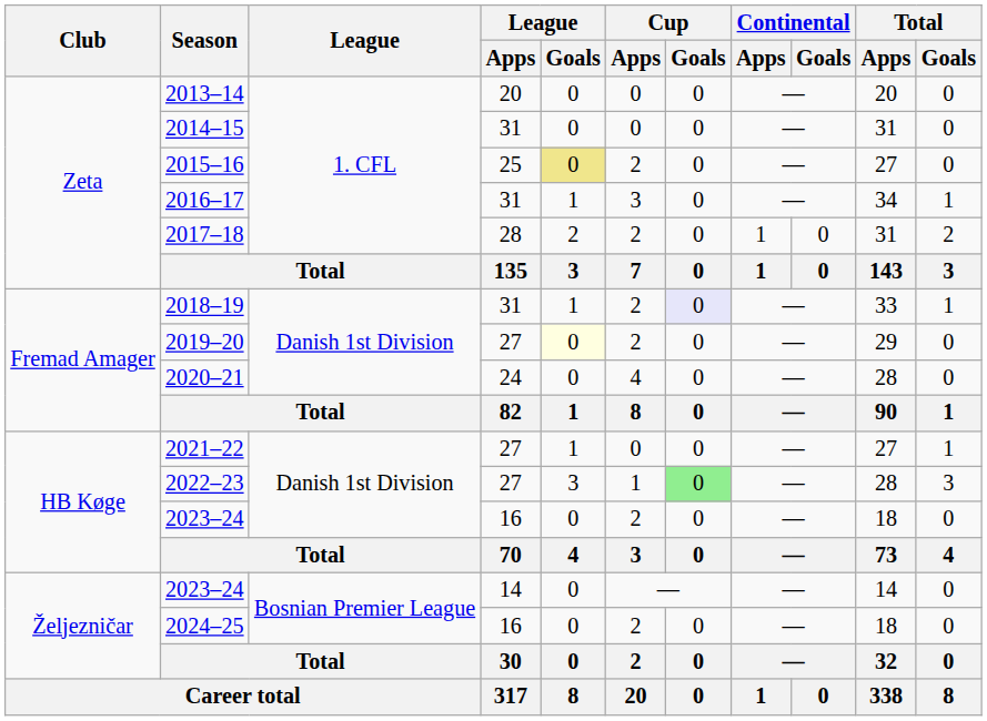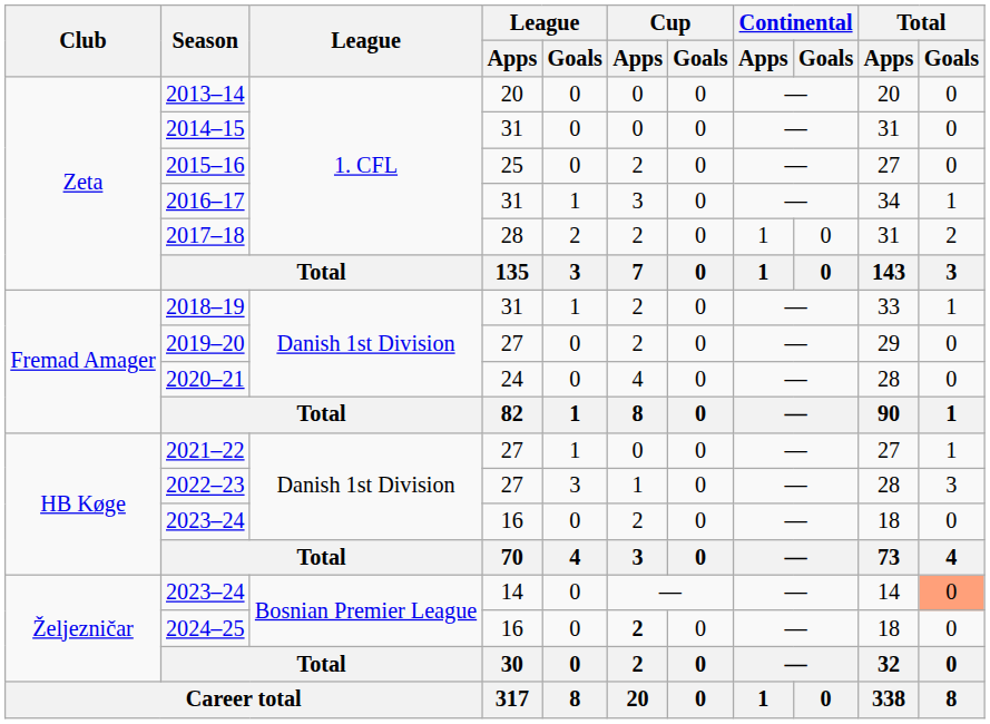 <table class="wikitable" style="text-align: center">
 <tr>
 <th rowspan="2">Club</th>
 <th rowspan="2">Season</th>
 <th rowspan="2">League</th>
 <th colspan="2">League</th>
 <th colspan="2">Cup</th>
 <th colspan="2"><a href='#'>Continental</a></th>
 <th colspan="2">Total</th>
 </tr>
 <tr>
 <th>Apps</th>
 <th>Goals</th>
 <th>Apps</th>
 <th>Goals</th>
 <th>Apps</th>
 <th>Goals</th>
 <th>Apps</th>
 <th>Goals</th>
 </tr>
 <tr>
 <td rowspan="6"><a href='#'>Zeta</a></td>
 <td><a href='#'>2013–14</a></td>
 <td rowspan="5"><a href='#'>1. CFL</a></td>
 <td>20</td>
 <td>0</td>
 <td>0</td>
 <td>0</td>
 <td colspan="2">—</td>
 <td>20</td>
 <td>0</td>
 </tr>
 <tr>
 <td><a href='#'>2014–15</a></td>
 <td>31</td>
 <td>0</td>
 <td>0</td>
 <td>0</td>
 <td colspan="2">—</td>
 <td>31</td>
 <td>0</td>
 </tr>
 <tr>
 <td><a href='#'>2015–16</a></td>
 <td>25</td>
-<td style="background: khaki;">0</td>
+<td>0</td>
 <td>2</td>
 <td>0</td>
 <td colspan="2">—</td>
 <td>27</td>
 <td>0</td>
 </tr>
 <tr>
 <td><a href='#'>2016–17</a></td>
 <td>31</td>
 <td>1</td>
 <td>3</td>
 <td>0</td>
 <td colspan="2">—</td>
 <td>34</td>
 <td>1</td>
 </tr>
 <tr>
 <td><a href='#'>2017–18</a></td>
 <td>28</td>
 <td>2</td>
 <td>2</td>
 <td>0</td>
 <td>1</td>
 <td>0</td>
 <td>31</td>
 <td>2</td>
 </tr>
 <tr>
 <th colspan="2">Total</th>
 <th>135</th>
 <th>3</th>
 <th>7</th>
 <th>0</th>
 <th>1</th>
 <th>0</th>
 <th>143</th>
 <th>3</th>
 </tr>
 <tr>
 <td rowspan="4"><a href='#'>Fremad Amager</a></td>
 <td><a href='#'>2018–19</a></td>
 <td rowspan="3"><a href='#'>Danish 1st Division</a></td>
 <td>31</td>
 <td>1</td>
 <td>2</td>
-<td style="background: lavender;">0</td>
+<td>0</td>
 <td colspan="2">—</td>
 <td>33</td>
 <td>1</td>
 </tr>
 <tr>
 <td><a href='#'>2019–20</a></td>
 <td>27</td>
-<td style="background: lightyellow;">0</td>
+<td>0</td>
 <td>2</td>
 <td>0</td>
 <td colspan="2">—</td>
 <td>29</td>
 <td>0</td>
 </tr>
 <tr>
 <td><a href='#'>2020–21</a></td>
 <td>24</td>
 <td>0</td>
 <td>4</td>
 <td>0</td>
 <td colspan="2">—</td>
 <td>28</td>
 <td>0</td>
 </tr>
 <tr>
 <th colspan="2">Total</th>
 <th>82</th>
 <th>1</th>
 <th>8</th>
 <th>0</th>
 <th colspan="2">—</th>
 <th>90</th>
 <th>1</th>
 </tr>
 <tr>
 <td rowspan="4"><a href='#'>HB Køge</a></td>
 <td><a href='#'>2021–22</a></td>
 <td rowspan="3">Danish 1st Division</td>
 <td>27</td>
 <td>1</td>
 <td>0</td>
 <td>0</td>
 <td colspan="2">—</td>
 <td>27</td>
 <td>1</td>
 </tr>
 <tr>
 <td><a href='#'>2022–23</a></td>
 <td>27</td>
 <td>3</td>
 <td>1</td>
-<td style="background: lightgreen;">0</td>
+<td>0</td>
 <td colspan="2">—</td>
 <td>28</td>
 <td>3</td>
 </tr>
 <tr>
 <td><a href='#'>2023–24</a></td>
 <td>16</td>
 <td>0</td>
 <td>2</td>
 <td>0</td>
 <td colspan="2">—</td>
 <td>18</td>
 <td>0</td>
 </tr>
 <tr>
 <th colspan="2">Total</th>
 <th>70</th>
 <th>4</th>
 <th>3</th>
 <th>0</th>
 <th colspan="2">—</th>
 <th>73</th>
 <th>4</th>
 </tr>
 <tr>
 <td rowspan="3"><a href='#'>Željezničar</a></td>
 <td><a href='#'>2023–24</a></td>
 <td rowspan="2"><a href='#'>Bosnian Premier League</a></td>
 <td>14</td>
 <td>0</td>
 <td colspan="2">—</td>
 <td colspan="2">—</td>
 <td>14</td>
-<td>0</td>
+<td style="background: lightsalmon;">0</td>
 </tr>
 <tr>
 <td><a href='#'>2024–25</a></td>
 <td>16</td>
 <td>0</td>
-<td>2</td>
+<td><strong>2</strong></td>
 <td>0</td>
 <td colspan="2">—</td>
 <td>18</td>
 <td>0</td>
 </tr>
 <tr>
 <th colspan="2">Total</th>
 <th>30</th>
 <th>0</th>
 <th>2</th>
 <th>0</th>
 <th colspan="2">—</th>
 <th>32</th>
 <th>0</th>
 </tr>
 <tr>
 <th colspan="3">Career total</th>
 <th>317</th>
 <th>8</th>
 <th>20</th>
 <th>0</th>
 <th>1</th>
 <th>0</th>
 <th>338</th>
 <th>8</th>
 </tr>
 </table>
